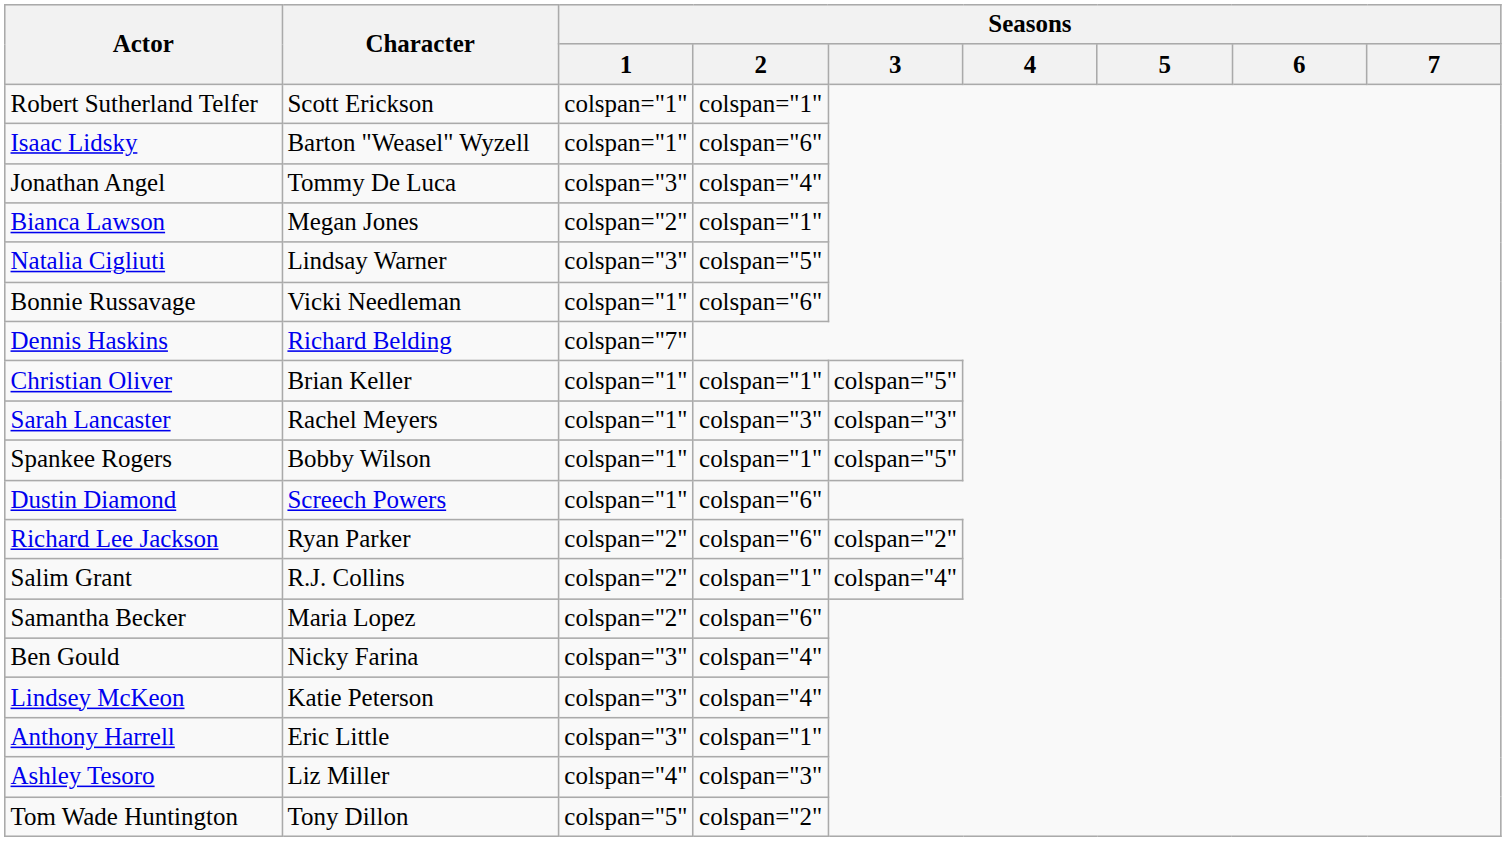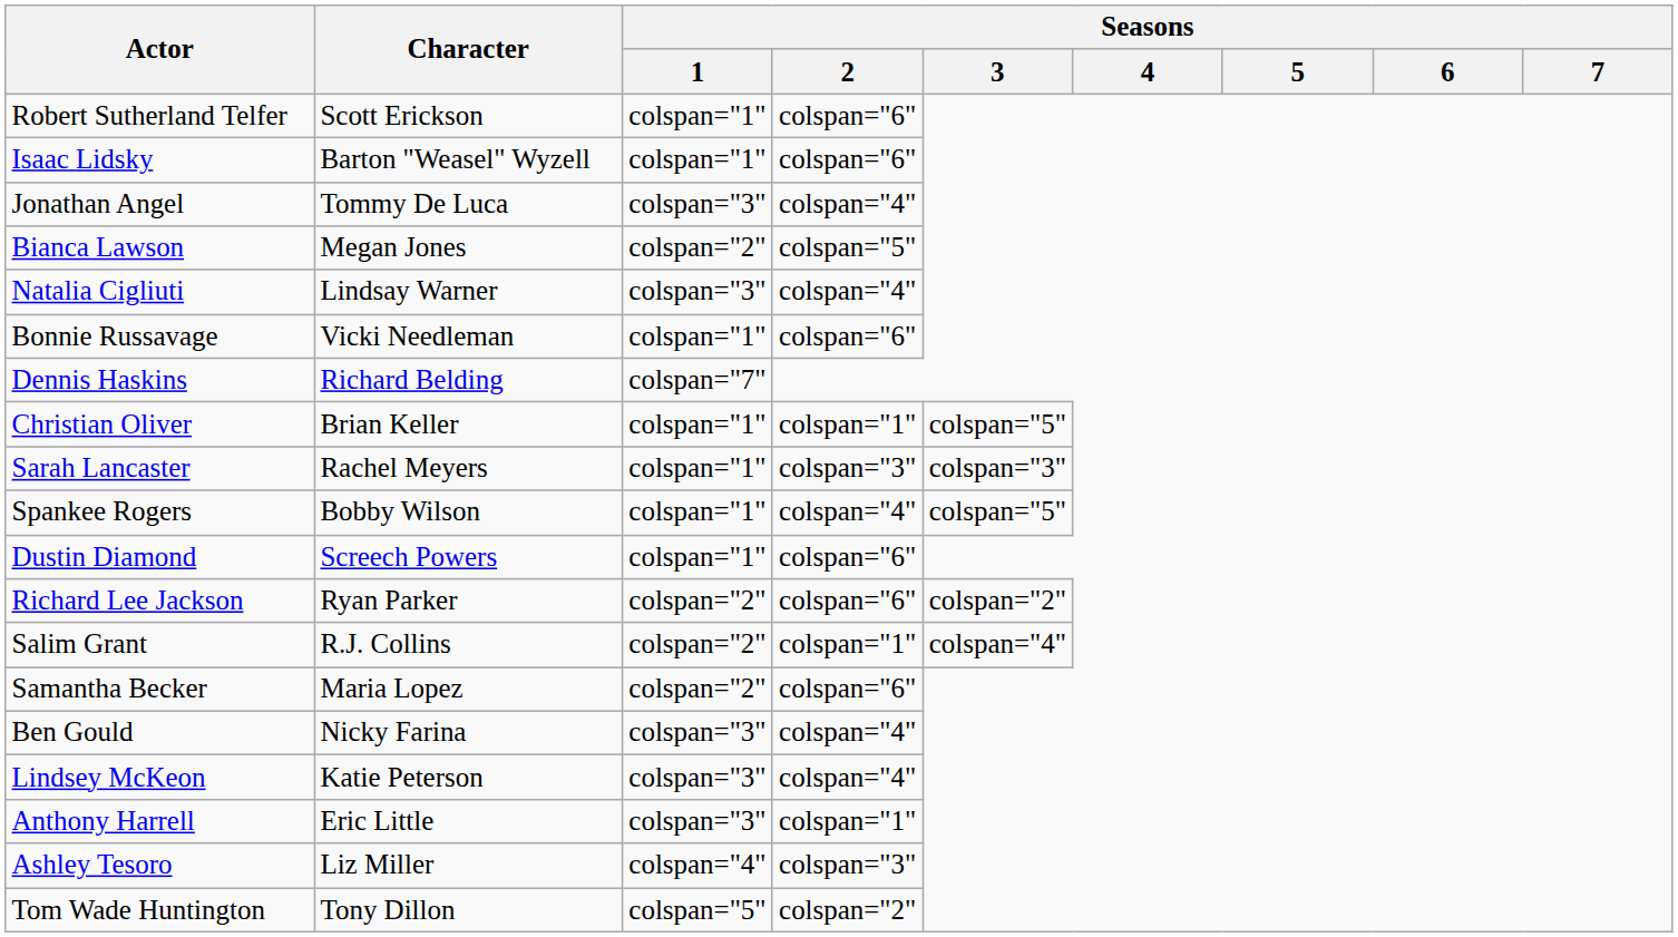 <table class="wikitable">
 <tr>
 <th rowspan=2 width=170>Actor</th>
 <th rowspan=2 width=170>Character</th>
 <th colspan=7>Seasons</th>
 </tr>
 <tr>
 <th style="width:9%;">1</th>
 <th style="width:9%;">2</th>
 <th style="width:9%;">3</th>
 <th style="width:9%;">4</th>
 <th style="width:9%;">5</th>
 <th style="width:9%;">6</th>
 <th style="width:9%;">7</th>
 </tr>
 <tr>
 <td>Robert Sutherland Telfer</td>
 <td>Scott Erickson</td>
 <td>colspan="1" </td>
-<td>colspan="1" </td>
+<td>colspan="6" </td>
 </tr>
 <tr>
 <td><a href='#'>Isaac Lidsky</a></td>
 <td>Barton "Weasel" Wyzell</td>
 <td>colspan="1" </td>
 <td>colspan="6" </td>
 </tr>
 <tr>
 <td>Jonathan Angel</td>
 <td>Tommy De Luca</td>
 <td>colspan="3" </td>
 <td>colspan="4" </td>
 </tr>
 <tr>
 <td><a href='#'>Bianca Lawson</a></td>
 <td>Megan Jones</td>
 <td>colspan="2" </td>
-<td>colspan="1" </td>
+<td>colspan="5" </td>
 </tr>
 <tr>
 <td><a href='#'>Natalia Cigliuti</a></td>
 <td>Lindsay Warner</td>
 <td>colspan="3" </td>
-<td>colspan="5" </td>
+<td>colspan="4" </td>
 </tr>
 <tr>
 <td>Bonnie Russavage</td>
 <td>Vicki Needleman</td>
 <td>colspan="1" </td>
 <td>colspan="6" </td>
 </tr>
 <tr>
 <td><a href='#'>Dennis Haskins</a></td>
 <td><a href='#'>Richard Belding</a></td>
 <td>colspan="7" </td>
 </tr>
 <tr>
 <td><a href='#'>Christian Oliver</a></td>
 <td>Brian Keller</td>
 <td>colspan="1" </td>
 <td>colspan="1" </td>
 <td>colspan="5" </td>
 </tr>
 <tr>
 <td><a href='#'>Sarah Lancaster</a></td>
 <td>Rachel Meyers</td>
 <td>colspan="1" </td>
 <td>colspan="3" </td>
 <td>colspan="3" </td>
 </tr>
 <tr>
 <td>Spankee Rogers</td>
 <td>Bobby Wilson</td>
 <td>colspan="1" </td>
-<td>colspan="1" </td>
+<td>colspan="4" </td>
 <td>colspan="5" </td>
 </tr>
 <tr>
 <td><a href='#'>Dustin Diamond</a></td>
 <td><a href='#'>Screech Powers</a></td>
 <td>colspan="1" </td>
 <td>colspan="6" </td>
 </tr>
 <tr>
 <td><a href='#'>Richard Lee Jackson</a></td>
 <td>Ryan Parker</td>
 <td>colspan="2" </td>
 <td>colspan="6" </td>
 <td>colspan="2" </td>
 </tr>
 <tr>
 <td>Salim Grant</td>
 <td>R.J. Collins</td>
 <td>colspan="2" </td>
 <td>colspan="1" </td>
 <td>colspan="4" </td>
 </tr>
 <tr>
 <td>Samantha Becker</td>
 <td>Maria Lopez</td>
 <td>colspan="2" </td>
 <td>colspan="6" </td>
 </tr>
 <tr>
 <td>Ben Gould</td>
 <td>Nicky Farina</td>
 <td>colspan="3" </td>
 <td>colspan="4" </td>
 </tr>
 <tr>
 <td><a href='#'>Lindsey McKeon</a></td>
 <td>Katie Peterson</td>
 <td>colspan="3" </td>
 <td>colspan="4" </td>
 </tr>
 <tr>
 <td><a href='#'>Anthony Harrell</a></td>
 <td>Eric Little</td>
 <td>colspan="3" </td>
 <td>colspan="1" </td>
 </tr>
 <tr>
 <td><a href='#'>Ashley Tesoro</a></td>
 <td>Liz Miller</td>
 <td>colspan="4" </td>
 <td>colspan="3" </td>
 </tr>
 <tr>
 <td>Tom Wade Huntington</td>
 <td>Tony Dillon</td>
 <td>colspan="5" </td>
 <td>colspan="2" </td>
 </tr>
 </table>
